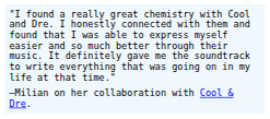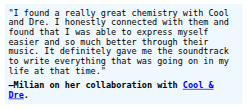 <table class="toccolours" style="float:right; margin-left:1em; margin-right:2em; font-size:95%; background:#f0f8ff; color:black; width:28em; max-width:40%;" cellspacing="5">
 <tr>
 <td style="text-align: left;">"I found a really great chemistry with Cool and Dre. I honestly connected with them and found that I was able to express myself easier and so much better through their music. It definitely gave me the soundtrack to write everything that was going on in my life at that time."</td>
 </tr>
 <tr>
-<td style="text-align: left;">—Milian on her collaboration with <a href='#'>Cool & Dre</a>.</td>
+<td style="text-align: left;"><strong>—Milian on her collaboration with <a href='#'>Cool & Dre</a>.</strong></td>
 </tr>
 </table>
